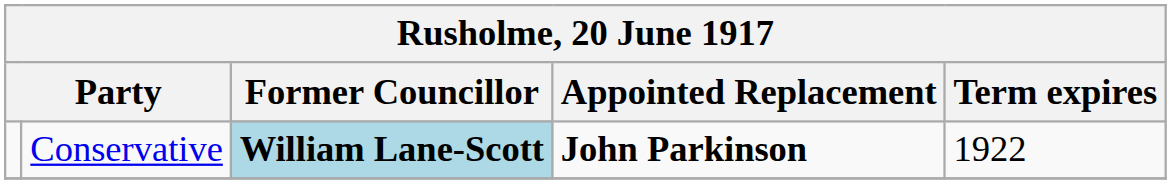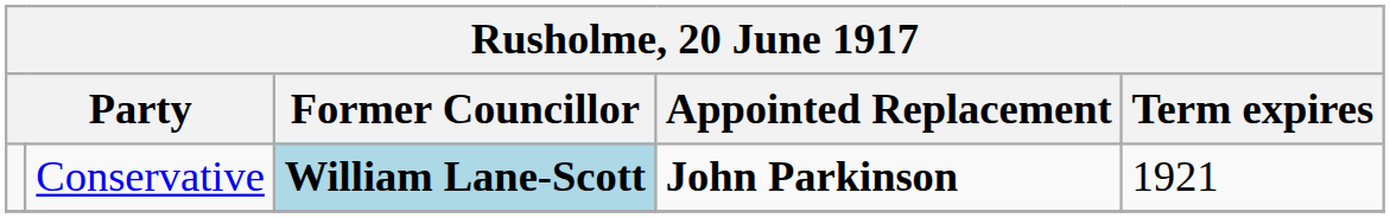 <table class="wikitable">
 <tr>
 <th colspan="5"><strong>Rusholme, 20 June 1917</strong></th>
 </tr>
 <tr>
 <th colspan="2">Party</th>
 <th>Former Councillor</th>
 <th>Appointed Replacement</th>
 <th>Term expires</th>
 </tr>
 <tr>
 <td style="background-color:"></td>
 <td><a href='#'>Conservative</a></td>
 <td style="background: lightblue;"><strong>William Lane-Scott</strong></td>
 <td><strong>John Parkinson</strong></td>
-<td>1922</td>
+<td>1921</td>
 </tr>
 <tr>
 </tr>
 </table>
